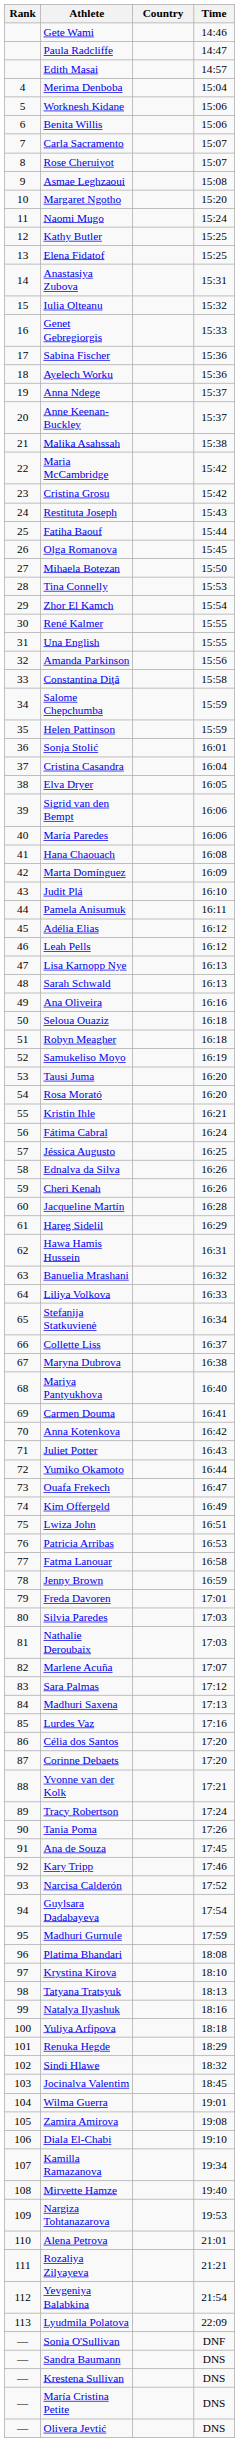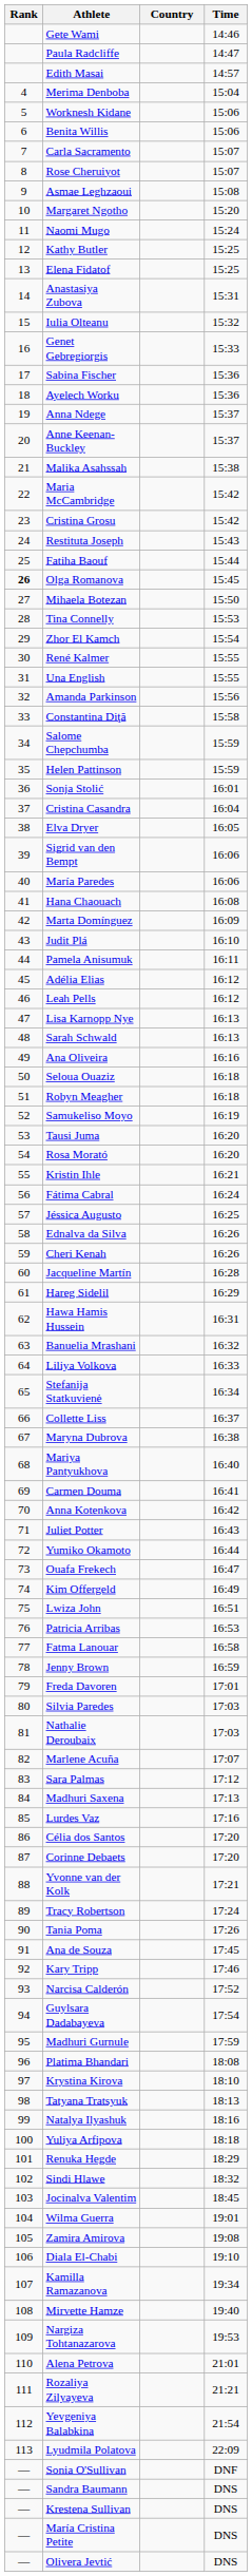 <table class="wikitable sortable" style=" text-align:center; font-size:95%;" width="50%">
 <tr>
 <th width=5%>Rank</th>
 <th width=20%>Athlete</th>
 <th width=15%>Country</th>
 <th width=10%>Time</th>
 </tr>
 <tr>
 <td align=center></td>
 <td align=left><a href='#'>Gete Wami</a></td>
 <td align=left></td>
 <td>14:46</td>
 </tr>
 <tr>
 <td align=center></td>
 <td align=left><a href='#'>Paula Radcliffe</a></td>
 <td align=left></td>
 <td>14:47</td>
 </tr>
 <tr>
 <td align=center></td>
 <td align=left><a href='#'>Edith Masai</a></td>
 <td align=left></td>
 <td>14:57</td>
 </tr>
 <tr>
 <td align=center>4</td>
 <td align=left><a href='#'>Merima Denboba</a></td>
 <td align=left></td>
 <td>15:04</td>
 </tr>
 <tr>
 <td align=center>5</td>
 <td align=left><a href='#'>Worknesh Kidane</a></td>
 <td align=left></td>
 <td>15:06</td>
 </tr>
 <tr>
 <td align=center>6</td>
 <td align=left><a href='#'>Benita Willis</a></td>
 <td align=left></td>
 <td>15:06</td>
 </tr>
 <tr>
 <td align=center>7</td>
 <td align=left><a href='#'>Carla Sacramento</a></td>
 <td align=left></td>
 <td>15:07</td>
 </tr>
 <tr>
 <td align=center>8</td>
 <td align=left><a href='#'>Rose Cheruiyot</a></td>
 <td align=left></td>
 <td>15:07</td>
 </tr>
 <tr>
 <td align=center>9</td>
 <td align=left><a href='#'>Asmae Leghzaoui</a></td>
 <td align=left></td>
 <td>15:08</td>
 </tr>
 <tr>
 <td align=center>10</td>
 <td align=left><a href='#'>Margaret Ngotho</a></td>
 <td align=left></td>
 <td>15:20</td>
 </tr>
 <tr>
 <td align=center>11</td>
 <td align=left><a href='#'>Naomi Mugo</a></td>
 <td align=left></td>
 <td>15:24</td>
 </tr>
 <tr>
 <td align=center>12</td>
 <td align=left><a href='#'>Kathy Butler</a></td>
 <td align=left></td>
 <td>15:25</td>
 </tr>
 <tr>
 <td align=center>13</td>
 <td align=left><a href='#'>Elena Fidatof</a></td>
 <td align=left></td>
 <td>15:25</td>
 </tr>
 <tr>
 <td align=center>14</td>
 <td align=left><a href='#'>Anastasiya Zubova</a></td>
 <td align=left></td>
 <td>15:31</td>
 </tr>
 <tr>
 <td align=center>15</td>
 <td align=left><a href='#'>Iulia Olteanu</a></td>
 <td align=left></td>
 <td>15:32</td>
 </tr>
 <tr>
 <td align=center>16</td>
 <td align=left><a href='#'>Genet Gebregiorgis</a></td>
 <td align=left></td>
 <td>15:33</td>
 </tr>
 <tr>
 <td align=center>17</td>
 <td align=left><a href='#'>Sabina Fischer</a></td>
 <td align=left></td>
 <td>15:36</td>
 </tr>
 <tr>
 <td align=center>18</td>
 <td align=left><a href='#'>Ayelech Worku</a></td>
 <td align=left></td>
 <td>15:36</td>
 </tr>
 <tr>
 <td align=center>19</td>
 <td align=left><a href='#'>Anna Ndege</a></td>
 <td align=left></td>
 <td>15:37</td>
 </tr>
 <tr>
 <td align=center>20</td>
 <td align=left><a href='#'>Anne Keenan-Buckley</a></td>
 <td align=left></td>
 <td>15:37</td>
 </tr>
 <tr>
 <td align=center>21</td>
 <td align=left><a href='#'>Malika Asahssah</a></td>
 <td align=left></td>
 <td>15:38</td>
 </tr>
 <tr>
 <td align=center>22</td>
 <td align=left><a href='#'>Maria McCambridge</a></td>
 <td align=left></td>
 <td>15:42</td>
 </tr>
 <tr>
 <td align=center>23</td>
 <td align=left><a href='#'>Cristina Grosu</a></td>
 <td align=left></td>
 <td>15:42</td>
 </tr>
 <tr>
 <td align=center>24</td>
 <td align=left><a href='#'>Restituta Joseph</a></td>
 <td align=left></td>
 <td>15:43</td>
 </tr>
 <tr>
 <td align=center>25</td>
 <td align=left><a href='#'>Fatiha Baouf</a></td>
 <td align=left></td>
 <td>15:44</td>
 </tr>
 <tr>
-<td align=center>26</td>
+<td align=center><strong>26</strong></td>
 <td align=left><a href='#'>Olga Romanova</a></td>
 <td align=left></td>
 <td>15:45</td>
 </tr>
 <tr>
 <td align=center>27</td>
 <td align=left><a href='#'>Mihaela Botezan</a></td>
 <td align=left></td>
 <td>15:50</td>
 </tr>
 <tr>
 <td align=center>28</td>
 <td align=left><a href='#'>Tina Connelly</a></td>
 <td align=left></td>
 <td>15:53</td>
 </tr>
 <tr>
 <td align=center>29</td>
 <td align=left><a href='#'>Zhor El Kamch</a></td>
 <td align=left></td>
 <td>15:54</td>
 </tr>
 <tr>
 <td align=center>30</td>
 <td align=left><a href='#'>René Kalmer</a></td>
 <td align=left></td>
 <td>15:55</td>
 </tr>
 <tr>
 <td align=center>31</td>
 <td align=left><a href='#'>Una English</a></td>
 <td align=left></td>
 <td>15:55</td>
 </tr>
 <tr>
 <td align=center>32</td>
 <td align=left><a href='#'>Amanda Parkinson</a></td>
 <td align=left></td>
 <td>15:56</td>
 </tr>
 <tr>
 <td align=center>33</td>
 <td align=left><a href='#'>Constantina Diţă</a></td>
 <td align=left></td>
 <td>15:58</td>
 </tr>
 <tr>
 <td align=center>34</td>
 <td align=left><a href='#'>Salome Chepchumba</a></td>
 <td align=left></td>
 <td>15:59</td>
 </tr>
 <tr>
 <td align=center>35</td>
 <td align=left><a href='#'>Helen Pattinson</a></td>
 <td align=left></td>
 <td>15:59</td>
 </tr>
 <tr>
 <td align=center>36</td>
 <td align=left><a href='#'>Sonja Stolić</a></td>
 <td align=left></td>
 <td>16:01</td>
 </tr>
 <tr>
 <td align=center>37</td>
 <td align=left><a href='#'>Cristina Casandra</a></td>
 <td align=left></td>
 <td>16:04</td>
 </tr>
 <tr>
 <td align=center>38</td>
 <td align=left><a href='#'>Elva Dryer</a></td>
 <td align=left></td>
 <td>16:05</td>
 </tr>
 <tr>
 <td align=center>39</td>
 <td align=left><a href='#'>Sigrid van den Bempt</a></td>
 <td align=left></td>
 <td>16:06</td>
 </tr>
 <tr>
 <td align=center>40</td>
 <td align=left><a href='#'>María Paredes</a></td>
 <td align=left></td>
 <td>16:06</td>
 </tr>
 <tr>
 <td align=center>41</td>
 <td align=left><a href='#'>Hana Chaouach</a></td>
 <td align=left></td>
 <td>16:08</td>
 </tr>
 <tr>
 <td align=center>42</td>
 <td align=left><a href='#'>Marta Domínguez</a></td>
 <td align=left></td>
 <td>16:09</td>
 </tr>
 <tr>
 <td align=center>43</td>
 <td align=left><a href='#'>Judit Plá</a></td>
 <td align=left></td>
 <td>16:10</td>
 </tr>
 <tr>
 <td align=center>44</td>
 <td align=left><a href='#'>Pamela Anisumuk</a></td>
 <td align=left></td>
 <td>16:11</td>
 </tr>
 <tr>
 <td align=center>45</td>
 <td align=left><a href='#'>Adélia Elias</a></td>
 <td align=left></td>
 <td>16:12</td>
 </tr>
 <tr>
 <td align=center>46</td>
 <td align=left><a href='#'>Leah Pells</a></td>
 <td align=left></td>
 <td>16:12</td>
 </tr>
 <tr>
 <td align=center>47</td>
 <td align=left><a href='#'>Lisa Karnopp Nye</a></td>
 <td align=left></td>
 <td>16:13</td>
 </tr>
 <tr>
 <td align=center>48</td>
 <td align=left><a href='#'>Sarah Schwald</a></td>
 <td align=left></td>
 <td>16:13</td>
 </tr>
 <tr>
 <td align=center>49</td>
 <td align=left><a href='#'>Ana Oliveira</a></td>
 <td align=left></td>
 <td>16:16</td>
 </tr>
 <tr>
 <td align=center>50</td>
 <td align=left><a href='#'>Seloua Ouaziz</a></td>
 <td align=left></td>
 <td>16:18</td>
 </tr>
 <tr>
 <td align=center>51</td>
 <td align=left><a href='#'>Robyn Meagher</a></td>
 <td align=left></td>
 <td>16:18</td>
 </tr>
 <tr>
 <td align=center>52</td>
 <td align=left><a href='#'>Samukeliso Moyo</a></td>
 <td align=left></td>
 <td>16:19</td>
 </tr>
 <tr>
 <td align=center>53</td>
 <td align=left><a href='#'>Tausi Juma</a></td>
 <td align=left></td>
 <td>16:20</td>
 </tr>
 <tr>
 <td align=center>54</td>
 <td align=left><a href='#'>Rosa Morató</a></td>
 <td align=left></td>
 <td>16:20</td>
 </tr>
 <tr>
 <td align=center>55</td>
 <td align=left><a href='#'>Kristin Ihle</a></td>
 <td align=left></td>
 <td>16:21</td>
 </tr>
 <tr>
 <td align=center>56</td>
 <td align=left><a href='#'>Fátima Cabral</a></td>
 <td align=left></td>
 <td>16:24</td>
 </tr>
 <tr>
 <td align=center>57</td>
 <td align=left><a href='#'>Jéssica Augusto</a></td>
 <td align=left></td>
 <td>16:25</td>
 </tr>
 <tr>
 <td align=center>58</td>
 <td align=left><a href='#'>Ednalva da Silva</a></td>
 <td align=left></td>
 <td>16:26</td>
 </tr>
 <tr>
 <td align=center>59</td>
 <td align=left><a href='#'>Cheri Kenah</a></td>
 <td align=left></td>
 <td>16:26</td>
 </tr>
 <tr>
 <td align=center>60</td>
 <td align=left><a href='#'>Jacqueline Martín</a></td>
 <td align=left></td>
 <td>16:28</td>
 </tr>
 <tr>
 <td align=center>61</td>
 <td align=left><a href='#'>Hareg Sidelil</a></td>
 <td align=left></td>
 <td>16:29</td>
 </tr>
 <tr>
 <td align=center>62</td>
 <td align=left><a href='#'>Hawa Hamis Hussein</a></td>
 <td align=left></td>
 <td>16:31</td>
 </tr>
 <tr>
 <td align=center>63</td>
 <td align=left><a href='#'>Banuelia Mrashani</a></td>
 <td align=left></td>
 <td>16:32</td>
 </tr>
 <tr>
 <td align=center>64</td>
 <td align=left><a href='#'>Liliya Volkova</a></td>
 <td align=left></td>
 <td>16:33</td>
 </tr>
 <tr>
 <td align=center>65</td>
 <td align=left><a href='#'>Stefanija Statkuvienė</a></td>
 <td align=left></td>
 <td>16:34</td>
 </tr>
 <tr>
 <td align=center>66</td>
 <td align=left><a href='#'>Collette Liss</a></td>
 <td align=left></td>
 <td>16:37</td>
 </tr>
 <tr>
 <td align=center>67</td>
 <td align=left><a href='#'>Maryna Dubrova</a></td>
 <td align=left></td>
 <td>16:38</td>
 </tr>
 <tr>
 <td align=center>68</td>
 <td align=left><a href='#'>Mariya Pantyukhova</a></td>
 <td align=left></td>
 <td>16:40</td>
 </tr>
 <tr>
 <td align=center>69</td>
 <td align=left><a href='#'>Carmen Douma</a></td>
 <td align=left></td>
 <td>16:41</td>
 </tr>
 <tr>
 <td align=center>70</td>
 <td align=left><a href='#'>Anna Kotenkova</a></td>
 <td align=left></td>
 <td>16:42</td>
 </tr>
 <tr>
 <td align=center>71</td>
 <td align=left><a href='#'>Juliet Potter</a></td>
 <td align=left></td>
 <td>16:43</td>
 </tr>
 <tr>
 <td align=center>72</td>
 <td align=left><a href='#'>Yumiko Okamoto</a></td>
 <td align=left></td>
 <td>16:44</td>
 </tr>
 <tr>
 <td align=center>73</td>
 <td align=left><a href='#'>Ouafa Frekech</a></td>
 <td align=left></td>
 <td>16:47</td>
 </tr>
 <tr>
 <td align=center>74</td>
 <td align=left><a href='#'>Kim Offergeld</a></td>
 <td align=left></td>
 <td>16:49</td>
 </tr>
 <tr>
 <td align=center>75</td>
 <td align=left><a href='#'>Lwiza John</a></td>
 <td align=left></td>
 <td>16:51</td>
 </tr>
 <tr>
 <td align=center>76</td>
 <td align=left><a href='#'>Patricia Arribas</a></td>
 <td align=left></td>
 <td>16:53</td>
 </tr>
 <tr>
 <td align=center>77</td>
 <td align=left><a href='#'>Fatma Lanouar</a></td>
 <td align=left></td>
 <td>16:58</td>
 </tr>
 <tr>
 <td align=center>78</td>
 <td align=left><a href='#'>Jenny Brown</a></td>
 <td align=left></td>
 <td>16:59</td>
 </tr>
 <tr>
 <td align=center>79</td>
 <td align=left><a href='#'>Freda Davoren</a></td>
 <td align=left></td>
 <td>17:01</td>
 </tr>
 <tr>
 <td align=center>80</td>
 <td align=left><a href='#'>Silvia Paredes</a></td>
 <td align=left></td>
 <td>17:03</td>
 </tr>
 <tr>
 <td align=center>81</td>
 <td align=left><a href='#'>Nathalie Deroubaix</a></td>
 <td align=left></td>
 <td>17:03</td>
 </tr>
 <tr>
 <td align=center>82</td>
 <td align=left><a href='#'>Marlene Acuña</a></td>
 <td align=left></td>
 <td>17:07</td>
 </tr>
 <tr>
 <td align=center>83</td>
 <td align=left><a href='#'>Sara Palmas</a></td>
 <td align=left></td>
 <td>17:12</td>
 </tr>
 <tr>
 <td align=center>84</td>
 <td align=left><a href='#'>Madhuri Saxena</a></td>
 <td align=left></td>
 <td>17:13</td>
 </tr>
 <tr>
 <td align=center>85</td>
 <td align=left><a href='#'>Lurdes Vaz</a></td>
 <td align=left></td>
 <td>17:16</td>
 </tr>
 <tr>
 <td align=center>86</td>
 <td align=left><a href='#'>Célia dos Santos</a></td>
 <td align=left></td>
 <td>17:20</td>
 </tr>
 <tr>
 <td align=center>87</td>
 <td align=left><a href='#'>Corinne Debaets</a></td>
 <td align=left></td>
 <td>17:20</td>
 </tr>
 <tr>
 <td align=center>88</td>
 <td align=left><a href='#'>Yvonne van der Kolk</a></td>
 <td align=left></td>
 <td>17:21</td>
 </tr>
 <tr>
 <td align=center>89</td>
 <td align=left><a href='#'>Tracy Robertson</a></td>
 <td align=left></td>
 <td>17:24</td>
 </tr>
 <tr>
 <td align=center>90</td>
 <td align=left><a href='#'>Tania Poma</a></td>
 <td align=left></td>
 <td>17:26</td>
 </tr>
 <tr>
 <td align=center>91</td>
 <td align=left><a href='#'>Ana de Souza</a></td>
 <td align=left></td>
 <td>17:45</td>
 </tr>
 <tr>
 <td align=center>92</td>
 <td align=left><a href='#'>Kary Tripp</a></td>
 <td align=left></td>
 <td>17:46</td>
 </tr>
 <tr>
 <td align=center>93</td>
 <td align=left><a href='#'>Narcisa Calderón</a></td>
 <td align=left></td>
 <td>17:52</td>
 </tr>
 <tr>
 <td align=center>94</td>
 <td align=left><a href='#'>Guylsara Dadabayeva</a></td>
 <td align=left></td>
 <td>17:54</td>
 </tr>
 <tr>
 <td align=center>95</td>
 <td align=left><a href='#'>Madhuri Gurnule</a></td>
 <td align=left></td>
 <td>17:59</td>
 </tr>
 <tr>
 <td align=center>96</td>
 <td align=left><a href='#'>Platima Bhandari</a></td>
 <td align=left></td>
 <td>18:08</td>
 </tr>
 <tr>
 <td align=center>97</td>
 <td align=left><a href='#'>Krystina Kirova</a></td>
 <td align=left></td>
 <td>18:10</td>
 </tr>
 <tr>
 <td align=center>98</td>
 <td align=left><a href='#'>Tatyana Tratsyuk</a></td>
 <td align=left></td>
 <td>18:13</td>
 </tr>
 <tr>
 <td align=center>99</td>
 <td align=left><a href='#'>Natalya Ilyashuk</a></td>
 <td align=left></td>
 <td>18:16</td>
 </tr>
 <tr>
 <td align=center>100</td>
 <td align=left><a href='#'>Yuliya Arfipova</a></td>
 <td align=left></td>
 <td>18:18</td>
 </tr>
 <tr>
 <td align=center>101</td>
 <td align=left><a href='#'>Renuka Hegde</a></td>
 <td align=left></td>
 <td>18:29</td>
 </tr>
 <tr>
 <td align=center>102</td>
 <td align=left><a href='#'>Sindi Hlawe</a></td>
 <td align=left></td>
 <td>18:32</td>
 </tr>
 <tr>
 <td align=center>103</td>
 <td align=left><a href='#'>Jocinalva Valentim</a></td>
 <td align=left></td>
 <td>18:45</td>
 </tr>
 <tr>
 <td align=center>104</td>
 <td align=left><a href='#'>Wilma Guerra</a></td>
 <td align=left></td>
 <td>19:01</td>
 </tr>
 <tr>
 <td align=center>105</td>
 <td align=left><a href='#'>Zamira Amirova</a></td>
 <td align=left></td>
 <td>19:08</td>
 </tr>
 <tr>
 <td align=center>106</td>
 <td align=left><a href='#'>Diala El-Chabi</a></td>
 <td align=left></td>
 <td>19:10</td>
 </tr>
 <tr>
 <td align=center>107</td>
 <td align=left><a href='#'>Kamilla Ramazanova</a></td>
 <td align=left></td>
 <td>19:34</td>
 </tr>
 <tr>
 <td align=center>108</td>
 <td align=left><a href='#'>Mirvette Hamze</a></td>
 <td align=left></td>
 <td>19:40</td>
 </tr>
 <tr>
 <td align=center>109</td>
 <td align=left><a href='#'>Nargiza Tohtanazarova</a></td>
 <td align=left></td>
 <td>19:53</td>
 </tr>
 <tr>
 <td align=center>110</td>
 <td align=left><a href='#'>Alena Petrova</a></td>
 <td align=left></td>
 <td>21:01</td>
 </tr>
 <tr>
 <td align=center>111</td>
 <td align=left><a href='#'>Rozaliya Zilyayeva</a></td>
 <td align=left></td>
 <td>21:21</td>
 </tr>
 <tr>
 <td align=center>112</td>
 <td align=left><a href='#'>Yevgeniya Balabkina</a></td>
 <td align=left></td>
 <td>21:54</td>
 </tr>
 <tr>
 <td align=center>113</td>
 <td align=left><a href='#'>Lyudmila Polatova</a></td>
 <td align=left></td>
 <td>22:09</td>
 </tr>
 <tr>
 <td align=center>—</td>
 <td align=left><a href='#'>Sonia O'Sullivan</a></td>
 <td align=left></td>
 <td>DNF</td>
 </tr>
 <tr>
 <td align=center>—</td>
 <td align=left><a href='#'>Sandra Baumann</a></td>
 <td align=left></td>
 <td>DNS</td>
 </tr>
 <tr>
 <td align=center>—</td>
 <td align=left><a href='#'>Krestena Sullivan</a></td>
 <td align=left></td>
 <td>DNS</td>
 </tr>
 <tr>
 <td align=center>—</td>
 <td align=left><a href='#'>María Cristina Petite</a></td>
 <td align=left></td>
 <td>DNS</td>
 </tr>
 <tr>
 <td align=center>—</td>
 <td align=left><a href='#'>Olivera Jevtić</a></td>
 <td align=left></td>
 <td>DNS</td>
 </tr>
 </table>
